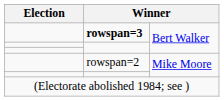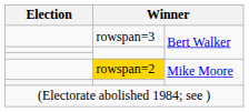 <table class=wikitable>
 <tr>
 <th width=100>Election</th>
 <th width=175 colspan=2>Winner</th>
 </tr>
 <tr>
 <td></td>
-<td><strong>rowspan=3 </strong></td>
+<td>rowspan=3 </td>
 <td rowspan=3><a href='#'>Bert Walker</a></td>
 </tr>
 <tr>
 <td></td>
 </tr>
 <tr>
 <td></td>
 </tr>
 <tr>
 <td></td>
-<td>rowspan=2 </td>
+<td style="background: gold;">rowspan=2 </td>
 <td rowspan=2><a href='#'>Mike Moore</a></td>
 </tr>
 <tr>
 <td></td>
 </tr>
 <tr>
 <td colspan=3 align=center><span>(Electorate abolished 1984; see )</span></td>
 </tr>
 </table>
